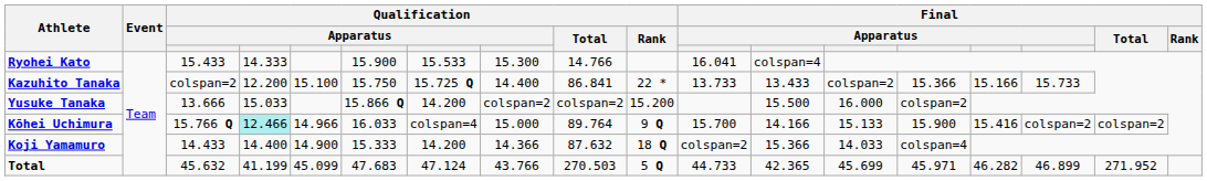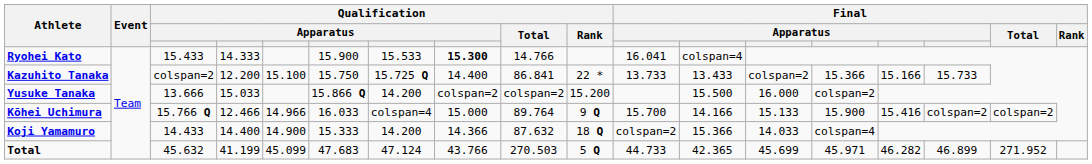 <table class="wikitable" style="font-size:90%">
 <tr>
 <th rowspan=3>Athlete</th>
 <th rowspan=3>Event</th>
 <th colspan =8>Qualification</th>
 <th colspan =8>Final</th>
 </tr>
 <tr style="font-size:95%">
 <th colspan=6>Apparatus</th>
 <th rowspan=2>Total</th>
 <th rowspan=2>Rank</th>
 <th colspan=6>Apparatus</th>
 <th rowspan=2>Total</th>
 <th rowspan=2>Rank</th>
 </tr>
 <tr style="font-size:95%">
 <th></th>
 <th></th>
 <th></th>
 <th></th>
 <th></th>
 <th></th>
 <th></th>
 <th></th>
 <th></th>
 <th></th>
 <th></th>
 <th></th>
 </tr>
 <tr align=center>
 <td align=left><strong><a href='#'>Ryohei Kato</a></strong></td>
 <td rowspan=6 align=left><a href='#'>Team</a></td>
 <td>15.433</td>
 <td>14.333</td>
 <td></td>
 <td>15.900</td>
 <td>15.533</td>
-<td>15.300</td>
+<td><strong>15.300</strong></td>
 <td>14.766</td>
 <td></td>
 <td>16.041</td>
 <td>colspan=4 </td>
 </tr>
 <tr align=center>
 <td align=left><strong><a href='#'>Kazuhito Tanaka</a></strong></td>
 <td>colspan=2 </td>
 <td>12.200</td>
 <td>15.100</td>
 <td>15.750</td>
 <td>15.725 <strong>Q</strong></td>
 <td>14.400</td>
 <td>86.841</td>
 <td>22 *</td>
 <td>13.733</td>
 <td>13.433</td>
 <td>colspan=2 </td>
 <td>15.366</td>
 <td>15.166</td>
 <td>15.733</td>
 </tr>
 <tr align=center>
 <td align=left><strong><a href='#'>Yusuke Tanaka</a></strong></td>
 <td>13.666</td>
 <td>15.033</td>
 <td></td>
 <td>15.866 <strong>Q</strong></td>
 <td>14.200</td>
 <td>colspan=2 </td>
 <td>colspan=2 </td>
 <td>15.200</td>
 <td></td>
 <td>15.500</td>
 <td>16.000</td>
 <td>colspan=2 </td>
 </tr>
 <tr align=center>
 <td align=left><strong><a href='#'>Kōhei Uchimura</a></strong></td>
 <td>15.766 <strong>Q</strong></td>
-<td style="background: paleturquoise;">12.466</td>
+<td>12.466</td>
 <td>14.966</td>
 <td>16.033</td>
 <td>colspan=4 </td>
 <td>15.000</td>
 <td>89.764</td>
 <td>9 <strong>Q</strong></td>
 <td>15.700</td>
 <td>14.166</td>
 <td>15.133</td>
 <td>15.900</td>
 <td>15.416</td>
 <td>colspan=2 </td>
 <td>colspan=2 </td>
 </tr>
 <tr align=center>
 <td align=left><strong><a href='#'>Koji Yamamuro</a></strong></td>
 <td>14.433</td>
 <td>14.400</td>
 <td>14.900</td>
 <td>15.333</td>
 <td>14.200</td>
 <td>14.366</td>
 <td>87.632</td>
 <td>18 <strong>Q</strong></td>
 <td>colspan=2 </td>
 <td>15.366</td>
 <td>14.033</td>
 <td>colspan=4 </td>
 </tr>
 <tr align=center>
 <td align=left><strong>Total</strong></td>
 <td>45.632</td>
 <td>41.199</td>
 <td>45.099</td>
 <td>47.683</td>
 <td>47.124</td>
 <td>43.766</td>
 <td>270.503</td>
 <td>5 <strong>Q</strong></td>
 <td>44.733</td>
 <td>42.365</td>
 <td>45.699</td>
 <td>45.971</td>
 <td>46.282</td>
 <td>46.899</td>
 <td>271.952</td>
 <td></td>
 </tr>
 </table>
